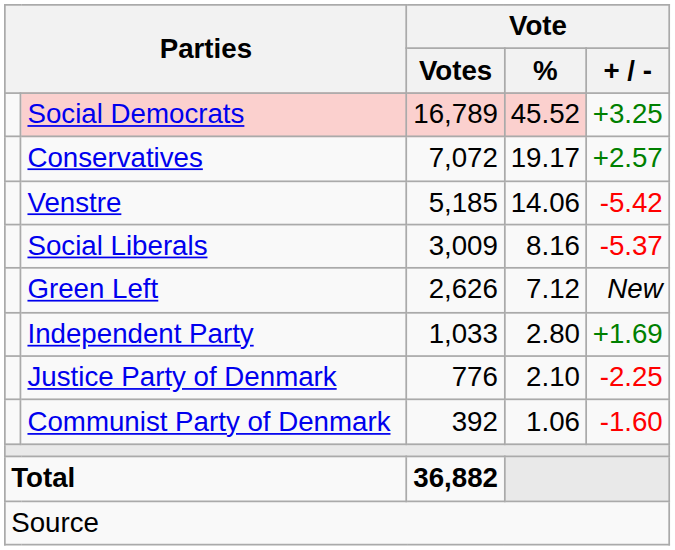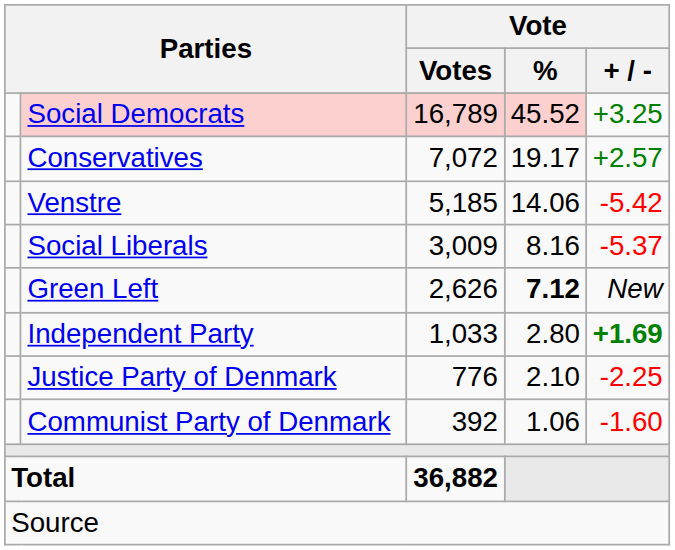 <table class="wikitable" style="text-align:right;">
 <tr>
 <th style="text-align:centre;" rowspan="2" colspan="2" width="225">Parties</th>
 <th colspan="3">Vote</th>
 </tr>
 <tr>
 <th width="15">Votes</th>
 <th width="15">%</th>
 <th width="15">+ / -</th>
 </tr>
 <tr>
 <td width="2" style="color:inherit;background:"></td>
 <td bgcolor=#fbd0ce  align="left"><a href='#'>Social Democrats</a></td>
 <td bgcolor=#fbd0ce>16,789</td>
 <td bgcolor=#fbd0ce>45.52</td>
 <td style=color:green;>+3.25</td>
 </tr>
 <tr>
 <td width="2" style="color:inherit;background:"></td>
 <td align="left"><a href='#'>Conservatives</a></td>
 <td>7,072</td>
 <td>19.17</td>
 <td style=color:green;>+2.57</td>
 </tr>
 <tr>
 <td width="2" style="color:inherit;background:"></td>
 <td align="left"><a href='#'>Venstre</a></td>
 <td>5,185</td>
 <td>14.06</td>
 <td style=color:red;>-5.42</td>
 </tr>
 <tr>
 <td width="2" style="color:inherit;background:"></td>
 <td align="left"><a href='#'>Social Liberals</a></td>
 <td>3,009</td>
 <td>8.16</td>
 <td style=color:red;>-5.37</td>
 </tr>
 <tr>
 <td width="2" style="color:inherit;background:"></td>
 <td align="left"><a href='#'>Green Left</a></td>
 <td>2,626</td>
-<td>7.12</td>
+<td><strong>7.12</strong></td>
 <td><em>New</em></td>
 </tr>
 <tr>
 <td width="2" style="color:inherit;background:"></td>
 <td align="left"><a href='#'>Independent Party</a></td>
 <td>1,033</td>
 <td>2.80</td>
-<td style=color:green;>+1.69</td>
+<td style=color:green;><strong>+1.69</strong></td>
 </tr>
 <tr>
 <td width="2" style="color:inherit;background:"></td>
 <td align="left"><a href='#'>Justice Party of Denmark</a></td>
 <td>776</td>
 <td>2.10</td>
 <td style=color:red;>-2.25</td>
 </tr>
 <tr>
 <td width="2" style="color:inherit;background:"></td>
 <td align="left"><a href='#'>Communist Party of Denmark</a></td>
 <td>392</td>
 <td>1.06</td>
 <td style=color:red;>-1.60</td>
 </tr>
 <tr>
 <td colspan="7" bgcolor="#E9E9E9"></td>
 </tr>
 <tr>
 <td align="left" colspan="2"><strong>Total</strong></td>
 <td><strong>36,882</strong></td>
 <td bgcolor="#E9E9E9" colspan="2"></td>
 </tr>
 <tr>
 <td align="left" colspan="6">Source</td>
 </tr>
 </table>
